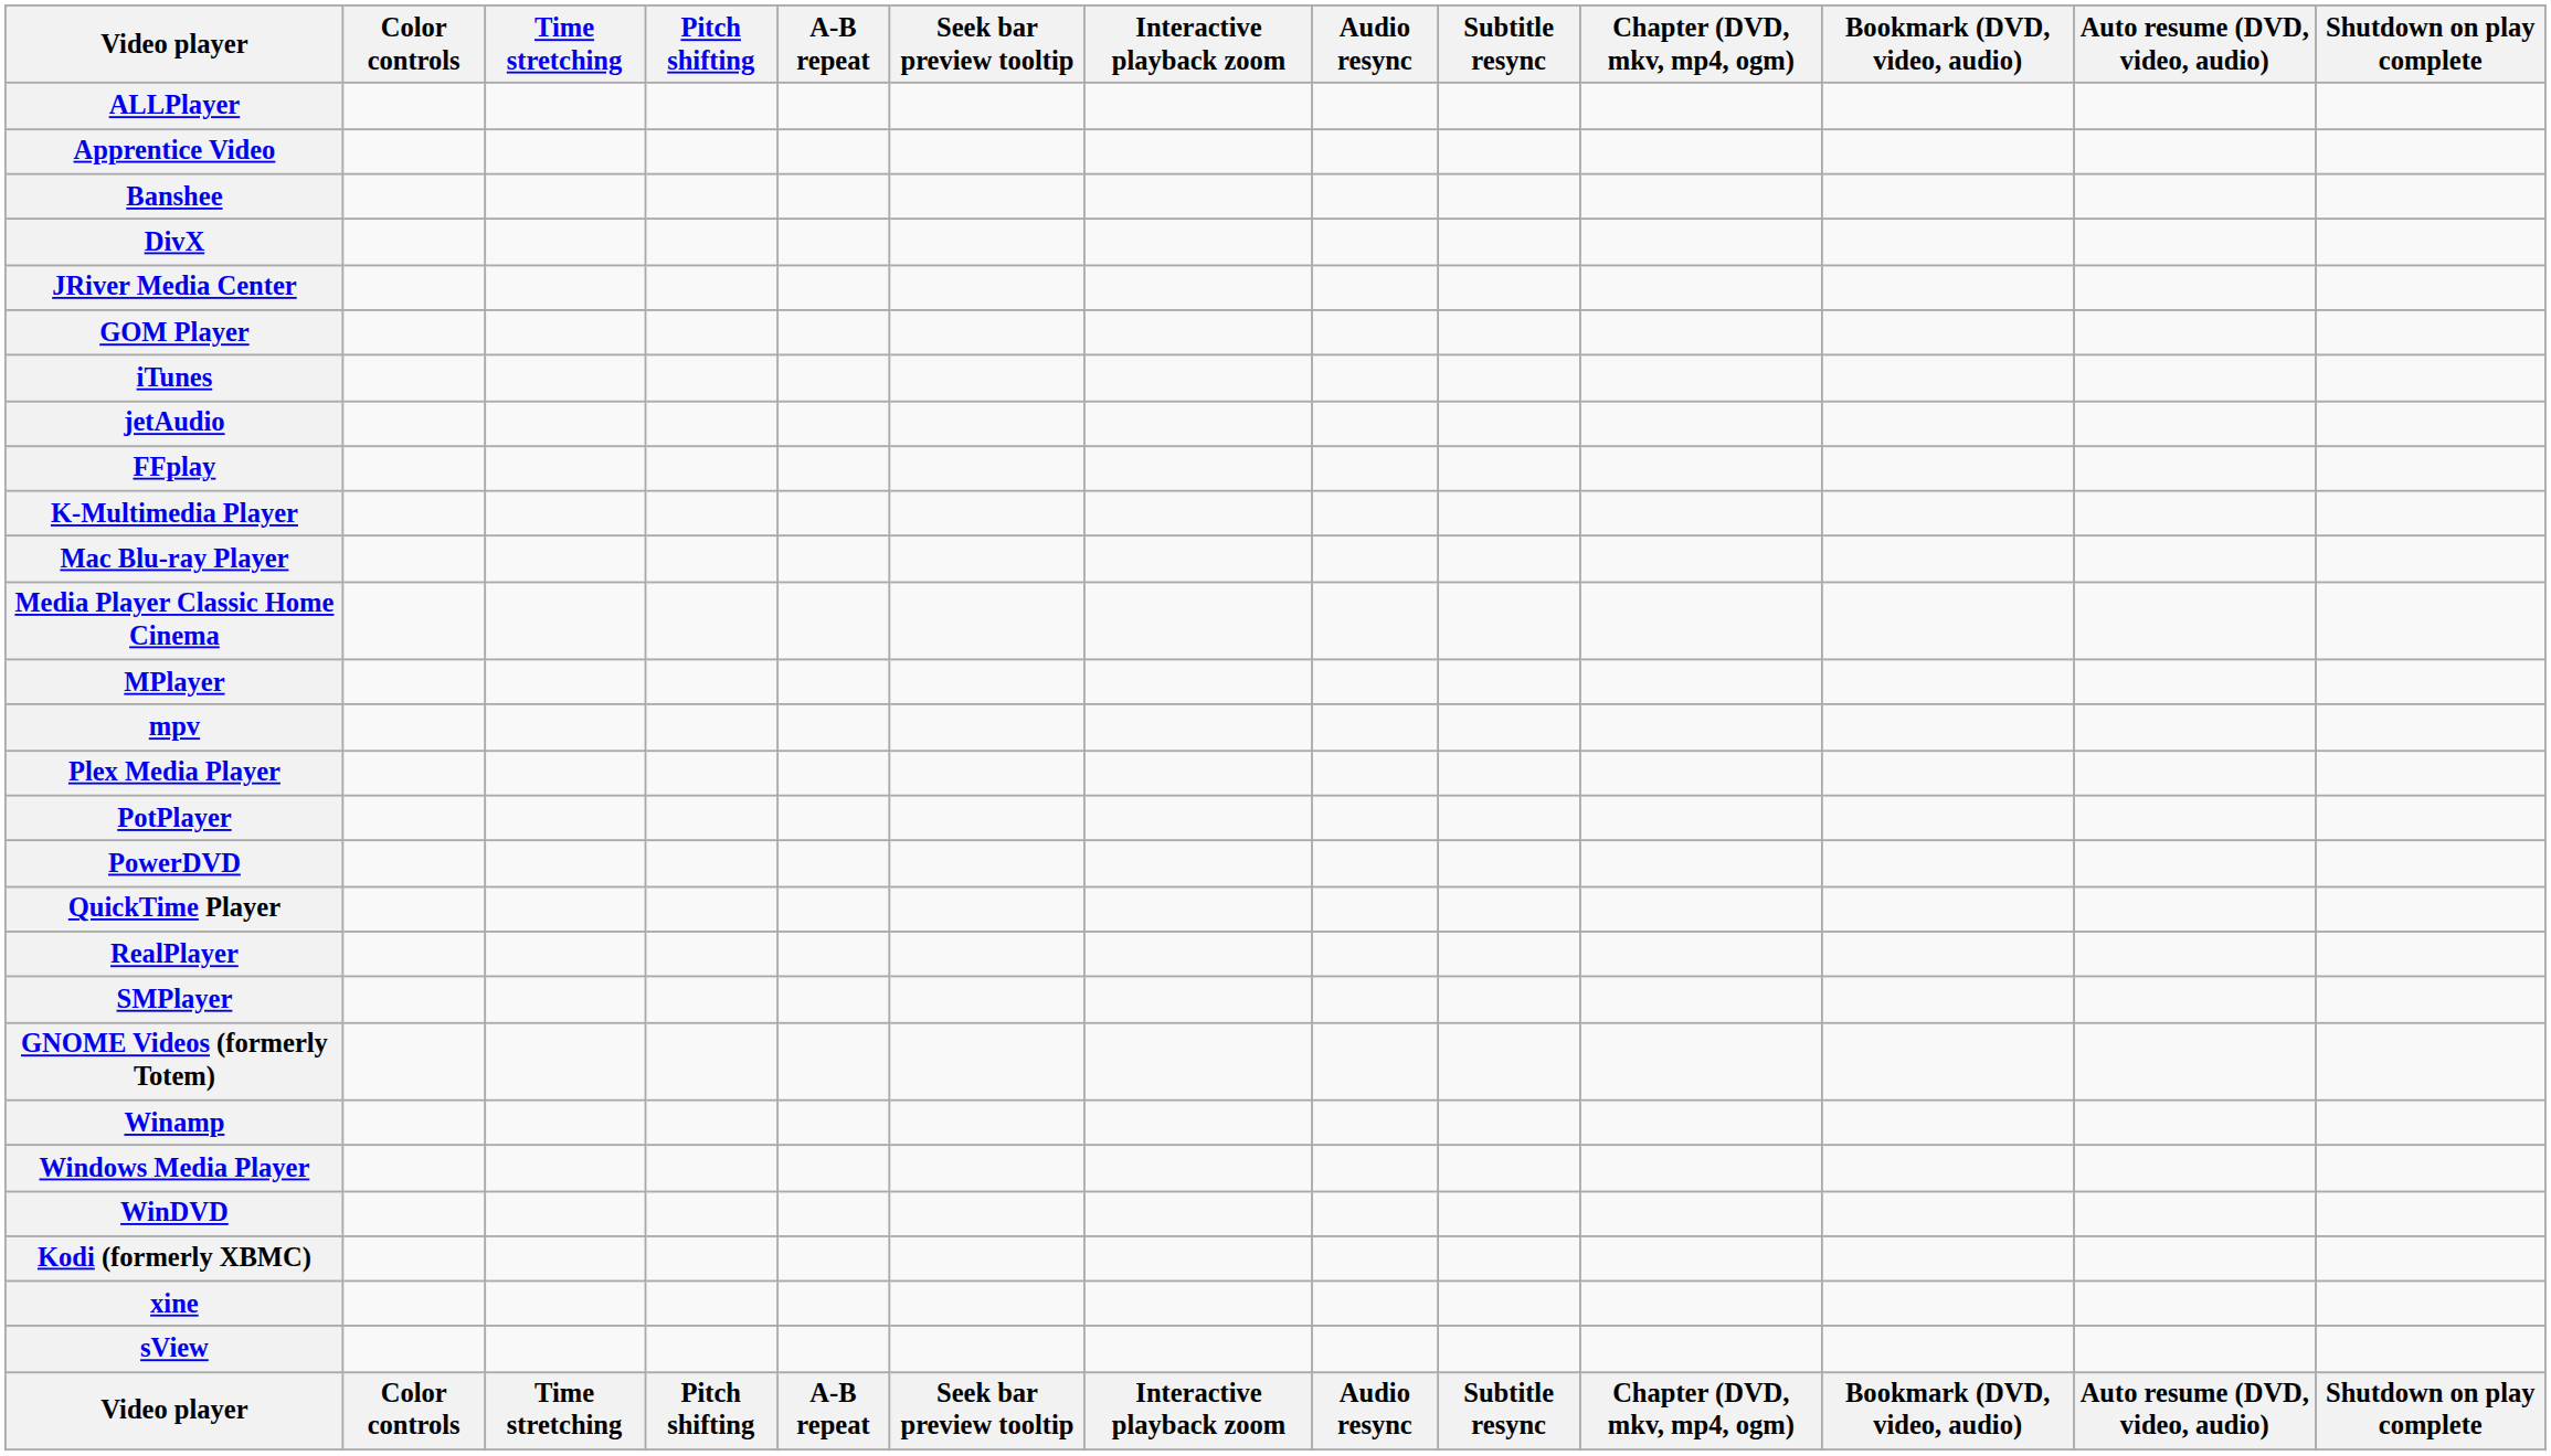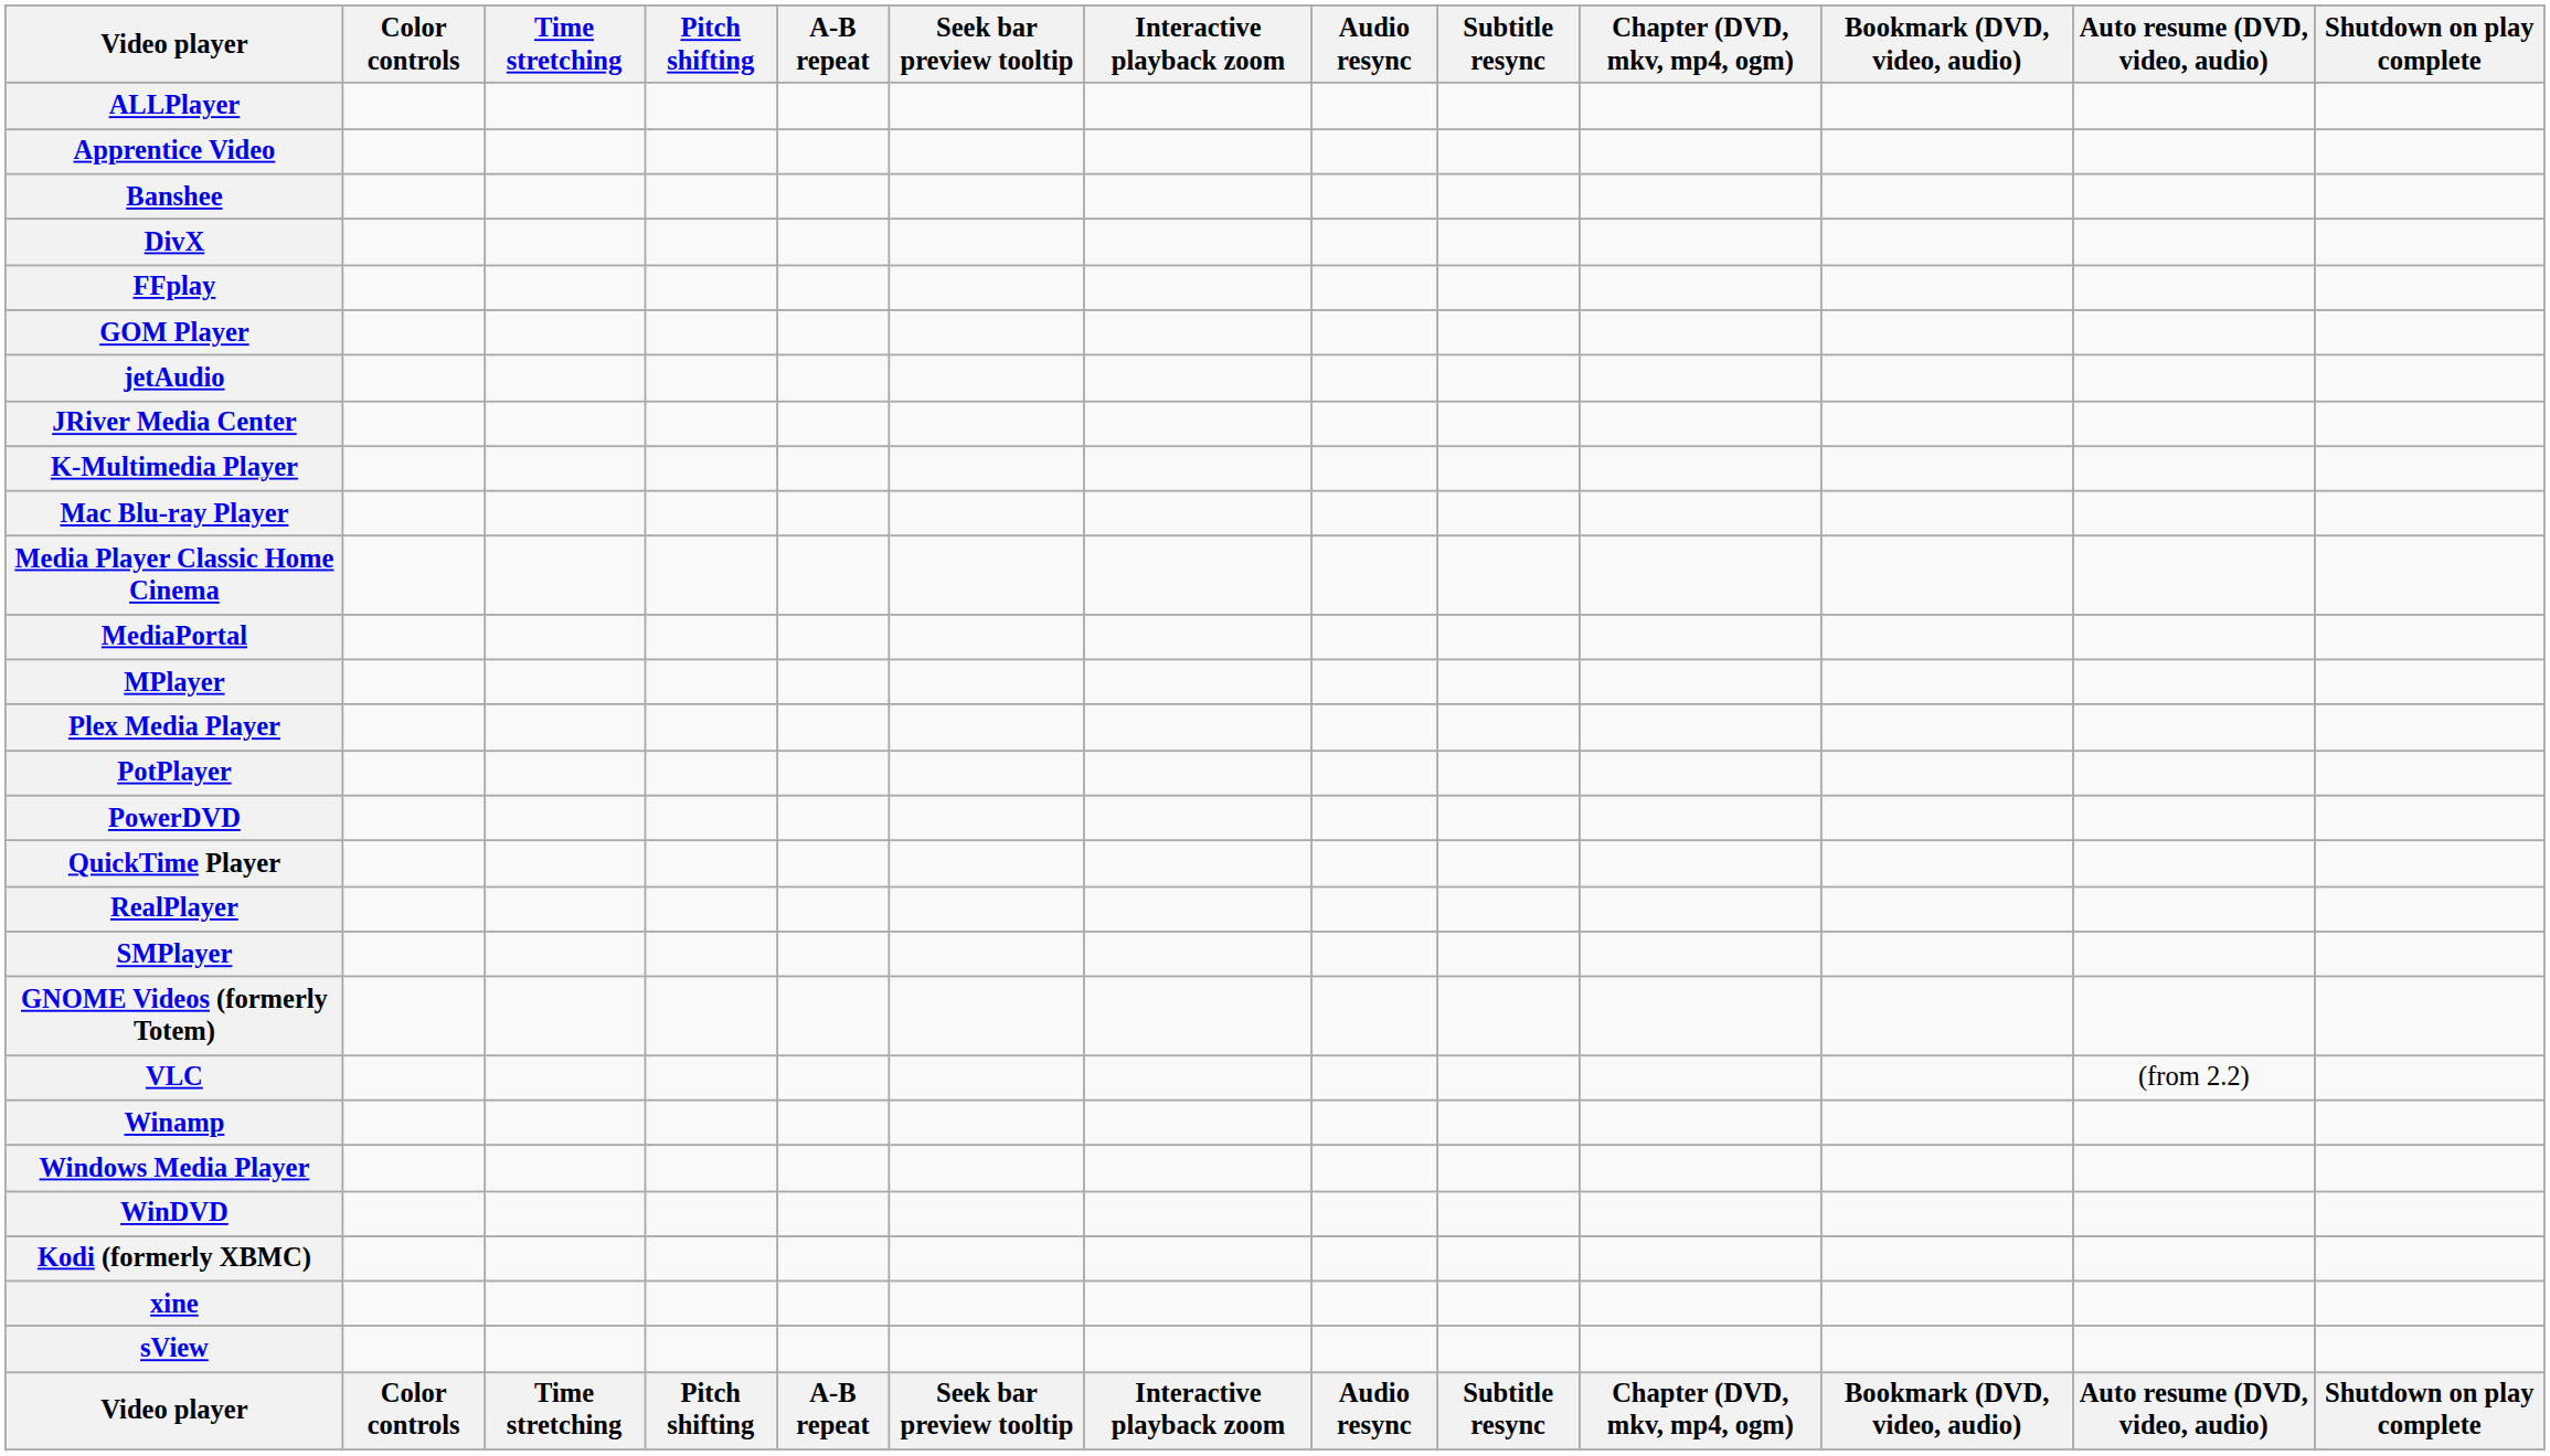 <table class="wikitable sortable sort-under" style="font-size: smaller; text-align: center; width: auto; table-layout: fixed">
 <tr>
 <th style="width:12em">Video player</th>
 <th>Color controls</th>
 <th><a href='#'>Time stretching</a></th>
 <th><a href='#'>Pitch shifting</a></th>
 <th>A-B repeat</th>
 <th>Seek bar preview tooltip</th>
 <th>Interactive playback zoom</th>
 <th>Audio resync</th>
 <th>Subtitle resync</th>
 <th>Chapter (DVD, mkv, mp4, ogm)</th>
 <th>Bookmark (DVD, video, audio)</th>
 <th>Auto resume (DVD, video, audio)</th>
 <th>Shutdown on play complete</th>
 </tr>
 <tr>
 <th><a href='#'>ALLPlayer</a></th>
 <td></td>
 <td></td>
 <td></td>
 <td></td>
 <td></td>
 <td></td>
 <td></td>
 <td></td>
 <td></td>
 <td></td>
 <td></td>
 <td></td>
 </tr>
 <tr>
 <th><a href='#'>Apprentice Video</a></th>
 <td></td>
 <td></td>
 <td></td>
 <td></td>
 <td></td>
 <td></td>
 <td></td>
 <td></td>
 <td></td>
 <td></td>
 <td></td>
 <td></td>
 </tr>
 <tr>
 <th><a href='#'>Banshee</a></th>
 <td></td>
 <td></td>
 <td></td>
 <td></td>
 <td></td>
 <td></td>
 <td></td>
 <td></td>
 <td></td>
 <td></td>
 <td></td>
 <td></td>
 </tr>
 <tr>
 <th><a href='#'>DivX</a></th>
 <td></td>
 <td></td>
 <td></td>
 <td></td>
 <td></td>
 <td></td>
 <td></td>
 <td></td>
 <td></td>
 <td></td>
 <td></td>
 <td></td>
 </tr>
 <tr>
-<th><a href='#'>JRiver Media Center</a></th>
+<th><a href='#'>FFplay</a></th>
 <td></td>
 <td></td>
 <td></td>
 <td></td>
 <td></td>
 <td></td>
 <td></td>
 <td></td>
 <td></td>
 <td></td>
 <td></td>
 <td></td>
 </tr>
 <tr>
 <th><a href='#'>GOM Player</a></th>
 <td></td>
 <td></td>
 <td></td>
 <td></td>
 <td></td>
 <td></td>
 <td></td>
 <td></td>
 <td></td>
 <td></td>
 <td></td>
 <td></td>
 </tr>
 <tr>
-<th><a href='#'>iTunes</a></th>
-<td></td>
-<td></td>
-<td></td>
-<td></td>
-<td></td>
-<td></td>
-<td></td>
-<td></td>
-<td></td>
-<td></td>
-<td></td>
-<td></td>
-</tr>
-<tr>
 <th><a href='#'>jetAudio</a></th>
 <td></td>
 <td></td>
 <td></td>
 <td></td>
 <td></td>
 <td></td>
 <td></td>
 <td></td>
 <td></td>
 <td></td>
 <td></td>
 <td></td>
 </tr>
 <tr>
-<th><a href='#'>FFplay</a></th>
+<th><a href='#'>JRiver Media Center</a></th>
 <td></td>
 <td></td>
 <td></td>
 <td></td>
 <td></td>
 <td></td>
 <td></td>
 <td></td>
 <td></td>
 <td></td>
 <td></td>
 <td></td>
 </tr>
 <tr>
 <th><a href='#'>K-Multimedia Player</a></th>
 <td></td>
 <td></td>
 <td></td>
 <td></td>
 <td></td>
 <td></td>
 <td></td>
 <td></td>
 <td></td>
 <td></td>
 <td></td>
 <td></td>
 </tr>
 <tr>
 <th><a href='#'>Mac Blu-ray Player</a></th>
 <td></td>
 <td></td>
 <td></td>
 <td></td>
 <td></td>
 <td></td>
 <td></td>
 <td></td>
 <td></td>
 <td></td>
 <td></td>
 <td></td>
 </tr>
 <tr>
 <th><a href='#'>Media Player Classic Home Cinema</a></th>
 <td></td>
 <td></td>
 <td></td>
 <td></td>
 <td></td>
 <td></td>
 <td></td>
 <td></td>
 <td></td>
 <td></td>
 <td></td>
 <td></td>
 </tr>
 <tr>
-<th><a href='#'>MPlayer</a></th>
+<th><a href='#'>MediaPortal</a></th>
 <td></td>
 <td></td>
 <td></td>
 <td></td>
 <td></td>
 <td></td>
 <td></td>
 <td></td>
 <td></td>
 <td></td>
 <td></td>
 <td></td>
 </tr>
 <tr>
-<th><a href='#'>mpv</a></th>
+<th><a href='#'>MPlayer</a></th>
 <td></td>
 <td></td>
 <td></td>
 <td></td>
 <td></td>
 <td></td>
 <td></td>
 <td></td>
 <td></td>
 <td></td>
 <td></td>
 <td></td>
 </tr>
 <tr>
 <th><a href='#'>Plex Media Player</a></th>
 <td></td>
 <td></td>
 <td></td>
 <td></td>
 <td></td>
 <td></td>
 <td></td>
 <td></td>
 <td></td>
 <td></td>
 <td></td>
 <td></td>
 </tr>
 <tr>
 <th><a href='#'>PotPlayer</a></th>
 <td></td>
 <td></td>
 <td></td>
 <td></td>
 <td></td>
 <td></td>
 <td></td>
 <td></td>
 <td></td>
 <td></td>
 <td></td>
 <td></td>
 </tr>
 <tr>
 <th><a href='#'>PowerDVD</a></th>
 <td></td>
 <td></td>
 <td></td>
 <td></td>
 <td></td>
 <td></td>
 <td></td>
 <td></td>
 <td></td>
 <td></td>
 <td></td>
 <td></td>
 </tr>
 <tr>
 <th><a href='#'>QuickTime</a> Player</th>
 <td></td>
 <td></td>
 <td></td>
 <td></td>
 <td></td>
 <td></td>
 <td></td>
 <td></td>
 <td></td>
 <td></td>
 <td></td>
 <td></td>
 </tr>
 <tr>
 <th><a href='#'>RealPlayer</a></th>
 <td></td>
 <td></td>
 <td></td>
 <td></td>
 <td></td>
 <td></td>
 <td></td>
 <td></td>
 <td></td>
 <td></td>
 <td></td>
 <td></td>
 </tr>
 <tr>
 <th><a href='#'>SMPlayer</a></th>
 <td></td>
 <td></td>
 <td></td>
 <td></td>
 <td></td>
 <td></td>
 <td></td>
 <td></td>
 <td></td>
 <td></td>
 <td></td>
 <td></td>
 </tr>
 <tr>
 <th><a href='#'>GNOME Videos</a> (formerly Totem)</th>
 <td></td>
 <td></td>
 <td></td>
 <td></td>
 <td></td>
 <td></td>
 <td></td>
 <td></td>
 <td></td>
 <td></td>
 <td></td>
 <td></td>
 </tr>
 <tr>
+<th><a href='#'>VLC</a></th>
+<td></td>
+<td></td>
+<td></td>
+<td></td>
+<td></td>
+<td></td>
+<td></td>
+<td></td>
+<td></td>
+<td></td>
+<td> (from 2.2)</td>
+<td></td>
+</tr>
+<tr>
 <th><a href='#'>Winamp</a></th>
 <td></td>
 <td></td>
 <td></td>
 <td></td>
 <td></td>
 <td></td>
 <td></td>
 <td></td>
 <td></td>
 <td></td>
 <td></td>
 <td></td>
 </tr>
 <tr>
 <th><a href='#'>Windows Media Player</a></th>
 <td></td>
 <td></td>
 <td></td>
 <td></td>
 <td></td>
 <td></td>
 <td></td>
 <td></td>
 <td></td>
 <td></td>
 <td></td>
 <td></td>
 </tr>
 <tr>
 <th><a href='#'>WinDVD</a></th>
 <td></td>
 <td></td>
 <td></td>
 <td></td>
 <td></td>
 <td></td>
 <td></td>
 <td></td>
 <td></td>
 <td></td>
 <td></td>
 <td></td>
 </tr>
 <tr>
 <th><a href='#'>Kodi</a> (formerly XBMC)</th>
 <td></td>
 <td></td>
 <td></td>
 <td></td>
 <td></td>
 <td></td>
 <td></td>
 <td></td>
 <td></td>
 <td></td>
 <td></td>
 <td></td>
 </tr>
 <tr>
 <th><a href='#'>xine</a></th>
 <td></td>
 <td></td>
 <td></td>
 <td></td>
 <td></td>
 <td></td>
 <td></td>
 <td></td>
 <td></td>
 <td></td>
 <td></td>
 <td></td>
 </tr>
 <tr>
 <th><a href='#'>sView</a></th>
 <td></td>
 <td></td>
 <td></td>
 <td></td>
 <td></td>
 <td></td>
 <td></td>
 <td></td>
 <td></td>
 <td></td>
 <td></td>
 <td></td>
 </tr>
 <tr class="sortbottom">
 <th style="width:12em">Video player</th>
 <th>Color controls</th>
 <th>Time stretching</th>
 <th>Pitch shifting</th>
 <th>A-B repeat</th>
 <th>Seek bar preview tooltip</th>
 <th>Interactive<br>playback zoom</th>
 <th>Audio resync</th>
 <th>Subtitle resync</th>
 <th>Chapter (DVD, mkv, mp4, ogm)</th>
 <th>Bookmark (DVD, video, audio)</th>
 <th>Auto resume (DVD, video, audio)</th>
 <th>Shutdown on play complete</th>
 </tr>
 </table>
